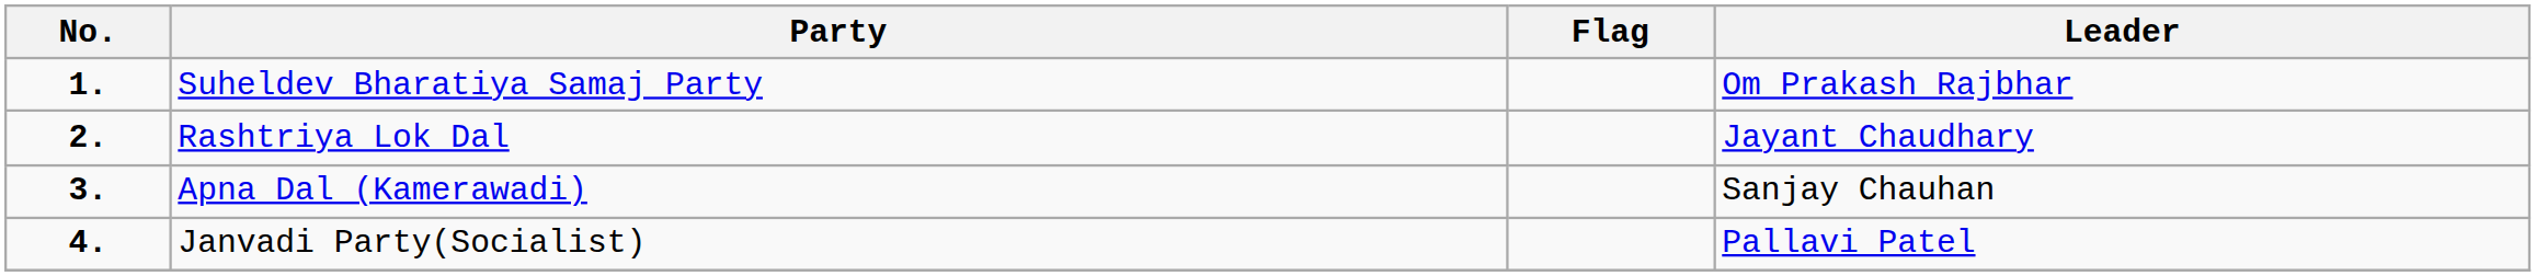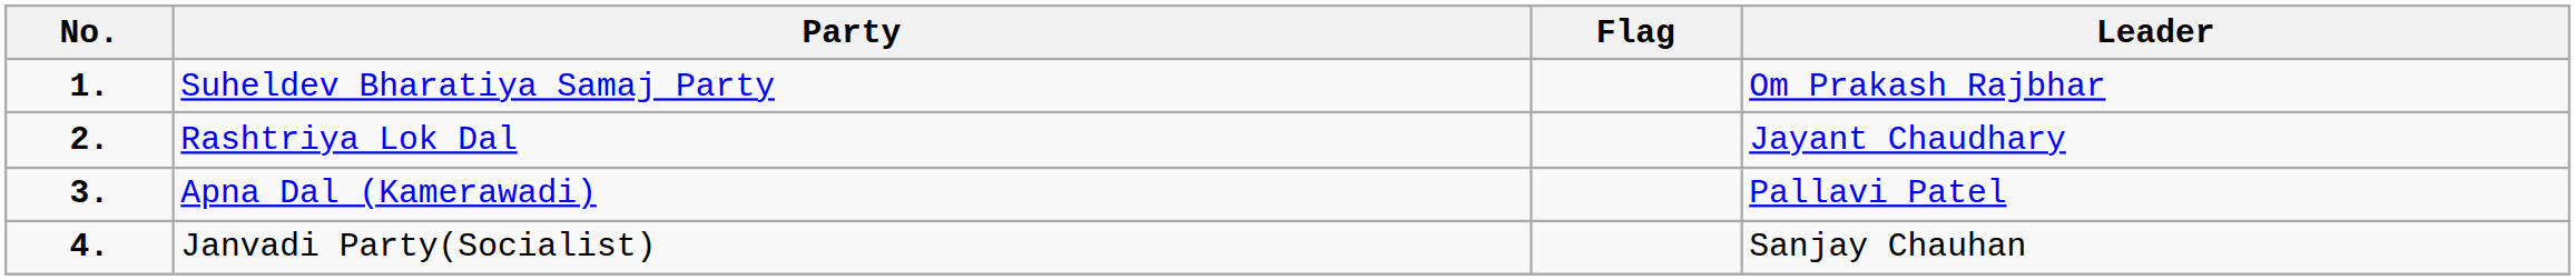 <table class="wikitable" style="width:80%">
 <tr>
 <th>No.</th>
 <th>Party</th>
 <th>Flag</th>
 <th>Leader</th>
 </tr>
 <tr>
 <td style="text-align:center; background:"><strong>1.</strong></td>
 <td><a href='#'>Suheldev Bharatiya Samaj Party</a></td>
 <td></td>
 <td><a href='#'>Om Prakash Rajbhar</a></td>
 </tr>
 <tr>
 <td style="text-align:center; background:"><strong>2.</strong></td>
 <td><a href='#'>Rashtriya Lok Dal</a></td>
 <td></td>
 <td><a href='#'>Jayant Chaudhary</a></td>
 </tr>
 <tr>
 <td style="text-align:center; background:"><strong>3.</strong></td>
 <td><a href='#'>Apna Dal (Kamerawadi)</a></td>
 <td></td>
-<td>Sanjay Chauhan</td>
+<td><a href='#'>Pallavi Patel</a></td>
 </tr>
 <tr>
 <td style="text-align:center; background:"><strong>4.</strong></td>
 <td>Janvadi Party(Socialist)</td>
 <td></td>
-<td><a href='#'>Pallavi Patel</a></td>
+<td>Sanjay Chauhan</td>
 </tr>
 <tr>
 </tr>
 <tr>
 </tr>
 </table>
